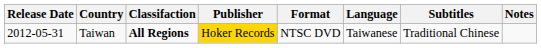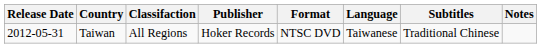 <table class="wikitable">
 <tr>
 <th>Release Date</th>
 <th>Country</th>
 <th>Classifaction</th>
 <th>Publisher</th>
 <th>Format</th>
 <th>Language</th>
 <th>Subtitles</th>
 <th>Notes</th>
 </tr>
 <tr>
 <td>2012-05-31</td>
 <td>Taiwan</td>
-<td><strong>All Regions</strong></td>
-<td style="background: gold;">Hoker Records</td>
+<td>All Regions</td>
+<td>Hoker Records</td>
 <td>NTSC DVD</td>
 <td>Taiwanese</td>
 <td>Traditional Chinese</td>
 <td></td>
 </tr>
 </table>
